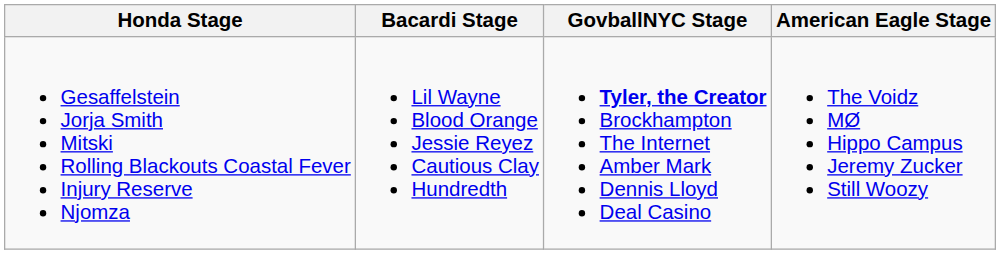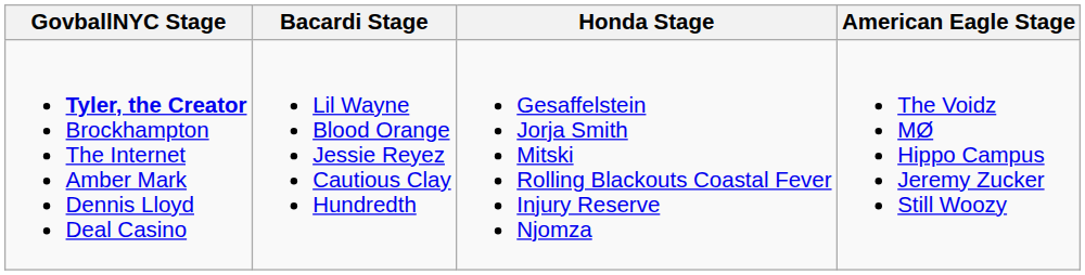 <table class="wikitable">
 <tr>
+<th>GovballNYC Stage</th>
+<th>Bacardi Stage</th>
 <th>Honda Stage</th>
-<th>Bacardi Stage</th>
-<th>GovballNYC Stage</th>
 <th>American Eagle Stage</th>
 </tr>
 <tr valign="top">
+<td><br><ul><li><strong><a href='#'>Tyler, the Creator</a></strong></li><li><a href='#'>Brockhampton</a></li><li><a href='#'>The Internet</a></li><li><a href='#'>Amber Mark</a></li><li><a href='#'>Dennis Lloyd</a></li><li><a href='#'>Deal Casino</a></li></ul></td>
+<td><br><ul><li><a href='#'>Lil Wayne</a></li><li><a href='#'>Blood Orange</a></li><li><a href='#'>Jessie Reyez</a></li><li><a href='#'>Cautious Clay</a></li><li><a href='#'>Hundredth</a></li></ul></td>
 <td><br><ul><li><a href='#'>Gesaffelstein</a></li><li><a href='#'>Jorja Smith</a></li><li><a href='#'>Mitski</a></li><li><a href='#'>Rolling Blackouts Coastal Fever</a></li><li><a href='#'>Injury Reserve</a></li><li><a href='#'>Njomza</a></li></ul></td>
-<td><br><ul><li><a href='#'>Lil Wayne</a></li><li><a href='#'>Blood Orange</a></li><li><a href='#'>Jessie Reyez</a></li><li><a href='#'>Cautious Clay</a></li><li><a href='#'>Hundredth</a></li></ul></td>
-<td><br><ul><li><strong><a href='#'>Tyler, the Creator</a></strong></li><li><a href='#'>Brockhampton</a></li><li><a href='#'>The Internet</a></li><li><a href='#'>Amber Mark</a></li><li><a href='#'>Dennis Lloyd</a></li><li><a href='#'>Deal Casino</a></li></ul></td>
 <td><br><ul><li><a href='#'>The Voidz</a></li><li><a href='#'>MØ</a></li><li><a href='#'>Hippo Campus</a></li><li><a href='#'>Jeremy Zucker</a></li><li><a href='#'>Still Woozy</a></li></ul></td>
 </tr>
 </table>
